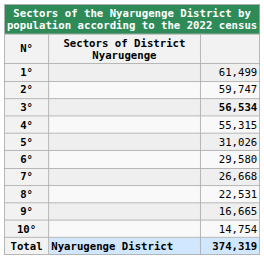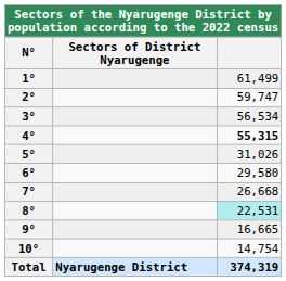 <table class=wikitable style="margin: 1em 1em 0 0; border-collapse: collapse; font-size: 100%;" align="center">
 <tr bgcolor="#35682D" style="color:black">
 <th colspan="3" style="text-align:center; color:white; background:#2E8B57;">Sectors of the Nyarugenge District by <br>population according to the 2022 census</th>
 </tr>
 <tr>
 <th>N°</th>
 <th>Sectors of District <br> Nyarugenge</th>
 <th></th>
 </tr>
 <tr align="center" style="background:#efefef; color:black">
 <th><strong>1°</strong></th>
 <td align="left"></td>
 <td align="right">61,499</td>
 </tr>
 <tr align="center">
 <th><strong>2°</strong></th>
 <td align="left"></td>
 <td align="right">59,747</td>
 </tr>
 <tr align="center" style="background:#efefef; color:black">
 <th><strong>3°</strong></th>
 <td align="left"></td>
-<td align="right"><strong>56,534</strong></td>
+<td align="right">56,534</td>
 </tr>
 <tr align="center">
 <th><strong>4°</strong></th>
 <td align="left"></td>
-<td align="right">55,315</td>
+<td align="right"><strong>55,315</strong></td>
 </tr>
 <tr align="center" style="background:#efefef; color:black">
 <th><strong>5°</strong></th>
 <td align="left"></td>
 <td align="right">31,026</td>
 </tr>
 <tr align="center">
 <th><strong>6°</strong></th>
 <td align="left"></td>
 <td align="right">29,580</td>
 </tr>
 <tr align="center" style="background:#efefef; color:black">
 <th><strong>7°</strong></th>
 <td align="left"></td>
 <td align="right">26,668</td>
 </tr>
 <tr align="center">
 <th><strong>8°</strong></th>
 <td align="left"></td>
-<td align="right">22,531</td>
+<td align="right" style="background: paleturquoise;">22,531</td>
 </tr>
 <tr align="center" style="background:#efefef; color:black">
 <th><strong>9°</strong></th>
 <td align="left"></td>
 <td align="right">16,665</td>
 </tr>
 <tr align="center">
 <th><strong>10°</strong></th>
 <td align="left"></td>
 <td align="right">14,754</td>
 </tr>
 <tr align="center" bgcolor=#D0E7FF>
 <th><strong>Total</strong></th>
 <td align="left"><strong>Nyarugenge District</strong></td>
 <td align="right"><strong>374,319</strong></td>
 </tr>
 </table>
